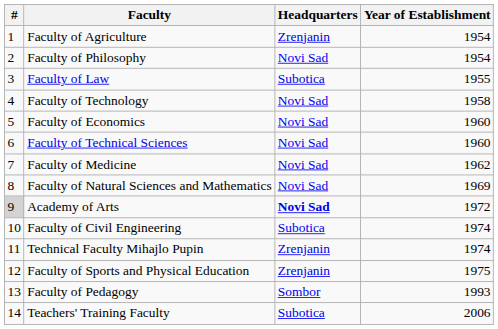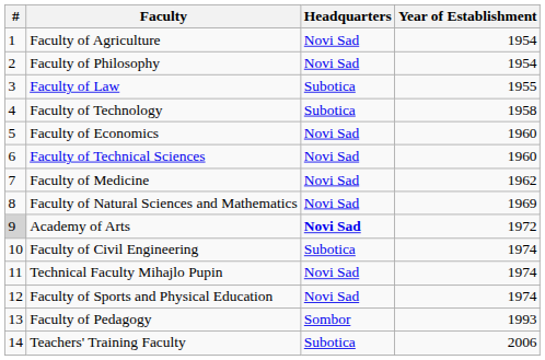 <table class="wikitable sortable">
 <tr>
 <th>#</th>
 <th>Faculty</th>
 <th>Headquarters</th>
 <th>Year of Establishment</th>
 </tr>
 <tr>
 <td>1</td>
 <td>Faculty of Agriculture</td>
-<td><a href='#'>Zrenjanin</a></td>
+<td><a href='#'>Novi Sad</a></td>
 <td style="text-align:right">1954</td>
 </tr>
 <tr>
 <td>2</td>
 <td>Faculty of Philosophy</td>
 <td><a href='#'>Novi Sad</a></td>
 <td style="text-align:right">1954</td>
 </tr>
 <tr>
 <td>3</td>
 <td><a href='#'>Faculty of Law</a></td>
 <td><a href='#'>Subotica</a></td>
 <td style="text-align:right">1955</td>
 </tr>
 <tr>
 <td>4</td>
 <td>Faculty of Technology</td>
-<td><a href='#'>Novi Sad</a></td>
+<td><a href='#'>Subotica</a></td>
 <td style="text-align:right">1958</td>
 </tr>
 <tr>
 <td>5</td>
 <td>Faculty of Economics</td>
 <td><a href='#'>Novi Sad</a></td>
 <td style="text-align:right">1960</td>
 </tr>
 <tr>
 <td>6</td>
 <td><a href='#'>Faculty of Technical Sciences</a></td>
 <td><a href='#'>Novi Sad</a></td>
 <td style="text-align:right">1960</td>
 </tr>
 <tr>
 <td>7</td>
 <td>Faculty of Medicine</td>
 <td><a href='#'>Novi Sad</a></td>
 <td style="text-align:right">1962</td>
 </tr>
 <tr>
 <td>8</td>
 <td>Faculty of Natural Sciences and Mathematics</td>
 <td><a href='#'>Novi Sad</a></td>
 <td style="text-align:right">1969</td>
 </tr>
 <tr>
 <td style="background: lightgrey;">9</td>
 <td>Academy of Arts</td>
 <td><strong><a href='#'>Novi Sad</a></strong></td>
 <td style="text-align:right">1972</td>
 </tr>
 <tr>
 <td>10</td>
 <td>Faculty of Civil Engineering</td>
 <td><a href='#'>Subotica</a></td>
 <td style="text-align:right">1974</td>
 </tr>
 <tr>
 <td>11</td>
 <td>Technical Faculty Mihajlo Pupin</td>
-<td><a href='#'>Zrenjanin</a></td>
+<td><a href='#'>Novi Sad</a></td>
 <td style="text-align:right">1974</td>
 </tr>
 <tr>
 <td>12</td>
 <td>Faculty of Sports and Physical Education</td>
-<td><a href='#'>Zrenjanin</a></td>
-<td style="text-align:right">1975</td>
+<td><a href='#'>Novi Sad</a></td>
+<td style="text-align:right">1974</td>
 </tr>
 <tr>
 <td>13</td>
 <td>Faculty of Pedagogy</td>
 <td><a href='#'>Sombor</a></td>
 <td style="text-align:right">1993</td>
 </tr>
 <tr>
 <td>14</td>
 <td>Teachers' Training Faculty </td>
 <td><a href='#'>Subotica</a></td>
 <td style="text-align:right">2006</td>
 </tr>
 </table>
